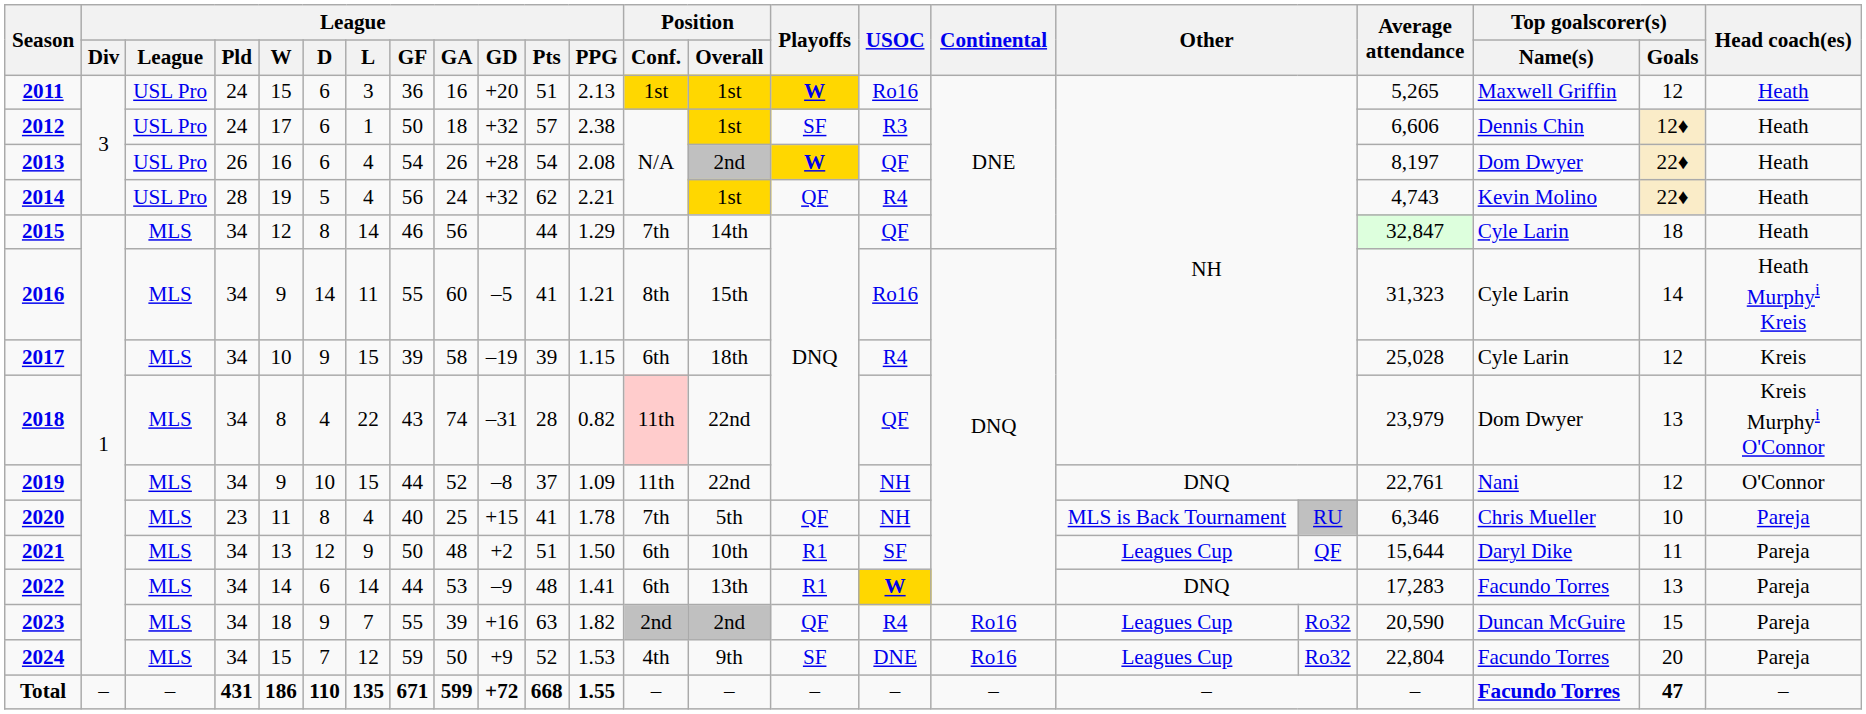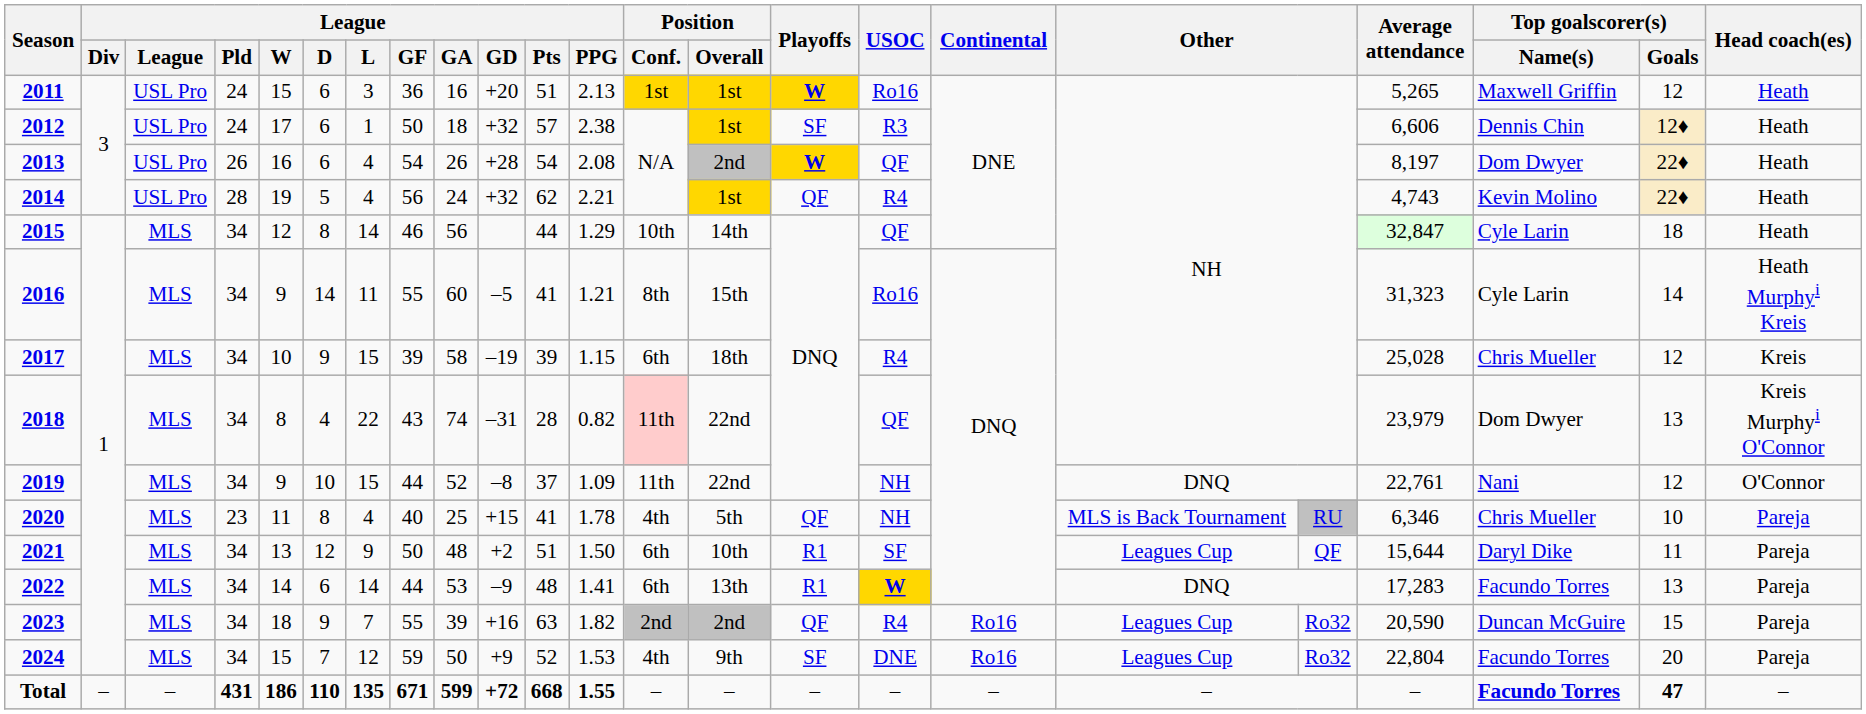 <table class="wikitable" style="font-size:90%; text-align:center;" width="100%" cellpadding="4" border="2">
 <tr>
 <th rowspan="2">Season</th>
 <th colspan="11">League</th>
 <th colspan="2">Position</th>
 <th rowspan="2">Playoffs</th>
 <th rowspan="2"><a href='#'>USOC</a></th>
 <th rowspan="2"><a href='#'>Continental</a></th>
 <th colspan="2" rowspan="2">Other</th>
 <th rowspan="2">Average <br> attendance</th>
 <th colspan="2">Top goalscorer(s)</th>
 <th rowspan="2">Head coach(es)</th>
 </tr>
 <tr>
 <th>Div</th>
 <th>League</th>
 <th>Pld</th>
 <th>W</th>
 <th>D</th>
 <th>L</th>
 <th>GF</th>
 <th>GA</th>
 <th>GD</th>
 <th>Pts</th>
 <th>PPG</th>
 <th>Conf.</th>
 <th>Overall</th>
 <th>Name(s)</th>
 <th>Goals</th>
 </tr>
 <tr>
 <td><strong><a href='#'>2011</a></strong></td>
 <td rowspan="4">3</td>
 <td><a href='#'>USL Pro</a></td>
 <td>24</td>
 <td>15</td>
 <td>6</td>
 <td>3</td>
 <td>36</td>
 <td>16</td>
 <td>+20</td>
 <td>51</td>
 <td>2.13</td>
 <td bgcolor="gold">1st</td>
 <td bgcolor="gold">1st</td>
 <td bgcolor="gold"><strong><a href='#'>W</a></strong></td>
 <td><a href='#'>Ro16</a></td>
 <td rowspan="5">DNE</td>
 <td colspan="2" rowspan="8">NH</td>
 <td>5,265</td>
 <td align="left"> <a href='#'>Maxwell Griffin</a></td>
 <td>12</td>
 <td> <a href='#'>Heath</a></td>
 </tr>
 <tr>
 <td><strong><a href='#'>2012</a></strong></td>
 <td><a href='#'>USL Pro</a></td>
 <td>24</td>
 <td>17</td>
 <td>6</td>
 <td>1</td>
 <td>50</td>
 <td>18</td>
 <td>+32</td>
 <td>57</td>
 <td>2.38</td>
 <td rowspan="3">N/A</td>
 <td bgcolor="gold">1st</td>
 <td><a href='#'>SF</a></td>
 <td><a href='#'>R3</a></td>
 <td>6,606</td>
 <td align="left"> <a href='#'>Dennis Chin</a></td>
 <td style="background:#FAECC8;">12♦</td>
 <td> Heath</td>
 </tr>
 <tr>
 <td><strong><a href='#'>2013</a></strong></td>
 <td><a href='#'>USL Pro</a></td>
 <td>26</td>
 <td>16</td>
 <td>6</td>
 <td>4</td>
 <td>54</td>
 <td>26</td>
 <td>+28</td>
 <td>54</td>
 <td>2.08</td>
 <td bgcolor="silver">2nd</td>
 <td bgcolor="gold"><strong><a href='#'>W</a></strong></td>
 <td><a href='#'>QF</a></td>
 <td>8,197</td>
 <td align="left"> <a href='#'>Dom Dwyer</a></td>
 <td style="background:#FAECC8;">22♦</td>
 <td> Heath</td>
 </tr>
 <tr>
 <td><strong><a href='#'>2014</a></strong></td>
 <td><a href='#'>USL Pro</a></td>
 <td>28</td>
 <td>19</td>
 <td>5</td>
 <td>4</td>
 <td>56</td>
 <td>24</td>
 <td>+32</td>
 <td>62</td>
 <td>2.21</td>
 <td bgcolor="gold">1st</td>
 <td><a href='#'>QF</a></td>
 <td><a href='#'>R4</a></td>
 <td>4,743</td>
 <td align="left"> <a href='#'>Kevin Molino</a></td>
 <td style="background:#FAECC8;">22♦</td>
 <td> Heath</td>
 </tr>
 <tr>
 <td><strong><a href='#'>2015</a></strong></td>
 <td rowspan="10">1</td>
 <td><a href='#'>MLS</a></td>
 <td>34</td>
 <td>12</td>
 <td>8</td>
 <td>14</td>
 <td>46</td>
 <td>56</td>
 <td></td>
 <td>44</td>
 <td>1.29</td>
-<td>7th</td>
+<td>10th</td>
 <td>14th</td>
 <td rowspan="5">DNQ</td>
 <td><a href='#'>QF</a></td>
 <td style="background:#dfd;">32,847</td>
 <td align="left"> <a href='#'>Cyle Larin</a></td>
 <td>18</td>
 <td> Heath</td>
 </tr>
 <tr>
 <td><strong><a href='#'>2016</a></strong></td>
 <td><a href='#'>MLS</a></td>
 <td>34</td>
 <td>9</td>
 <td>14</td>
 <td>11</td>
 <td>55</td>
 <td>60</td>
 <td>–5</td>
 <td>41</td>
 <td>1.21</td>
 <td>8th</td>
 <td>15th</td>
 <td><a href='#'>Ro16</a></td>
 <td rowspan="7">DNQ</td>
 <td>31,323</td>
 <td align="left"> Cyle Larin</td>
 <td>14</td>
 <td> Heath<br> <a href='#'>Murphy</a><sup><a href='#'>i</a></sup><br> <a href='#'>Kreis</a></td>
 </tr>
 <tr>
 <td><strong><a href='#'>2017</a></strong></td>
 <td><a href='#'>MLS</a></td>
 <td>34</td>
 <td>10</td>
 <td>9</td>
 <td>15</td>
 <td>39</td>
 <td>58</td>
 <td>–19</td>
 <td>39</td>
 <td>1.15</td>
 <td>6th</td>
 <td>18th</td>
 <td><a href='#'>R4</a></td>
 <td>25,028</td>
-<td align="left"> Cyle Larin</td>
+<td align="left"> <a href='#'>Chris Mueller</a></td>
 <td>12</td>
 <td> Kreis</td>
 </tr>
 <tr>
 <td><strong><a href='#'>2018</a></strong></td>
 <td><a href='#'>MLS</a></td>
 <td>34</td>
 <td>8</td>
 <td>4</td>
 <td>22</td>
 <td>43</td>
 <td>74</td>
 <td>–31</td>
 <td>28</td>
 <td>0.82</td>
 <td style="background:#FFCCCC">11th</td>
 <td>22nd</td>
 <td><a href='#'>QF</a></td>
 <td>23,979</td>
 <td align="left"> Dom Dwyer</td>
 <td>13</td>
 <td> Kreis<br> Murphy<sup><a href='#'>i</a></sup><br> <a href='#'>O'Connor</a></td>
 </tr>
 <tr>
 <td><strong><a href='#'>2019</a></strong></td>
 <td><a href='#'>MLS</a></td>
 <td>34</td>
 <td>9</td>
 <td>10</td>
 <td>15</td>
 <td>44</td>
 <td>52</td>
 <td>–8</td>
 <td>37</td>
 <td>1.09</td>
 <td>11th</td>
 <td>22nd</td>
 <td><a href='#'>NH</a></td>
 <td colspan="2">DNQ</td>
 <td>22,761</td>
 <td align="left"> <a href='#'>Nani</a></td>
 <td>12</td>
 <td> O'Connor</td>
 </tr>
 <tr>
 <td><strong><a href='#'>2020</a></strong></td>
 <td><a href='#'>MLS</a></td>
 <td>23</td>
 <td>11</td>
 <td>8</td>
 <td>4</td>
 <td>40</td>
 <td>25</td>
 <td>+15</td>
 <td>41</td>
 <td>1.78</td>
-<td>7th</td>
+<td>4th</td>
 <td>5th</td>
 <td><a href='#'>QF</a></td>
 <td><a href='#'>NH</a></td>
 <td><a href='#'>MLS is Back Tournament</a></td>
 <td bgcolor=silver><a href='#'>RU</a></td>
 <td>6,346</td>
 <td align="left"> <a href='#'>Chris Mueller</a></td>
 <td>10</td>
 <td> <a href='#'>Pareja</a></td>
 </tr>
 <tr>
 <td><strong><a href='#'>2021</a></strong></td>
 <td><a href='#'>MLS</a></td>
 <td>34</td>
 <td>13</td>
 <td>12</td>
 <td>9</td>
 <td>50</td>
 <td>48</td>
 <td>+2</td>
 <td>51</td>
 <td>1.50</td>
 <td>6th</td>
 <td>10th</td>
 <td><a href='#'>R1</a></td>
 <td><a href='#'>SF</a></td>
 <td><a href='#'>Leagues Cup</a></td>
 <td><a href='#'>QF</a></td>
 <td>15,644</td>
 <td align="left"> <a href='#'>Daryl Dike</a></td>
 <td>11</td>
 <td> Pareja</td>
 </tr>
 <tr>
 <td><strong><a href='#'>2022</a></strong></td>
 <td><a href='#'>MLS</a></td>
 <td>34</td>
 <td>14</td>
 <td>6</td>
 <td>14</td>
 <td>44</td>
 <td>53</td>
 <td>–9</td>
 <td>48</td>
 <td>1.41</td>
 <td>6th</td>
 <td>13th</td>
 <td><a href='#'>R1</a></td>
 <td bgcolor="gold"><strong><a href='#'>W</a></strong></td>
 <td colspan="2">DNQ</td>
 <td>17,283</td>
 <td align="left"> <a href='#'>Facundo Torres</a></td>
 <td>13</td>
 <td> Pareja</td>
 </tr>
 <tr>
 <td><strong><a href='#'>2023</a></strong></td>
 <td><a href='#'>MLS</a></td>
 <td>34</td>
 <td>18</td>
 <td>9</td>
 <td>7</td>
 <td>55</td>
 <td>39</td>
 <td>+16</td>
 <td>63</td>
 <td>1.82</td>
 <td bgcolor="silver">2nd</td>
 <td bgcolor="silver">2nd</td>
 <td><a href='#'>QF</a></td>
 <td><a href='#'>R4</a></td>
 <td><a href='#'>Ro16</a></td>
 <td><a href='#'>Leagues Cup</a></td>
 <td><a href='#'>Ro32</a></td>
 <td>20,590</td>
 <td align="left"> <a href='#'>Duncan McGuire</a></td>
 <td>15</td>
 <td> Pareja</td>
 </tr>
 <tr>
 <td><strong><a href='#'>2024</a></strong></td>
 <td><a href='#'>MLS</a></td>
 <td>34</td>
 <td>15</td>
 <td>7</td>
 <td>12</td>
 <td>59</td>
 <td>50</td>
 <td>+9</td>
 <td>52</td>
 <td>1.53</td>
 <td>4th</td>
 <td>9th</td>
 <td><a href='#'>SF</a></td>
 <td><a href='#'>DNE</a></td>
 <td><a href='#'>Ro16</a></td>
 <td><a href='#'>Leagues Cup</a></td>
 <td><a href='#'>Ro32</a></td>
 <td>22,804</td>
 <td align="left"> <a href='#'>Facundo Torres</a></td>
 <td>20</td>
 <td> Pareja</td>
 </tr>
 <tr>
 <td><strong>Total</strong></td>
 <td>–</td>
 <td>–</td>
 <td><strong>431</strong> </td>
 <td><strong>186</strong> </td>
 <td><strong>110</strong> </td>
 <td><strong>135</strong> </td>
 <td><strong>671</strong> </td>
 <td><strong>599</strong> </td>
 <td><strong>+72</strong> </td>
 <td><strong>668</strong> </td>
 <td><strong>1.55</strong> </td>
 <td>–</td>
 <td>–</td>
 <td>–</td>
 <td>–</td>
 <td>–</td>
 <td colspan="2">–</td>
 <td>–</td>
 <td align="left"> <strong><a href='#'>Facundo Torres</a></strong> </td>
 <td><strong>47</strong> </td>
 <td>–</td>
 </tr>
 </table>
